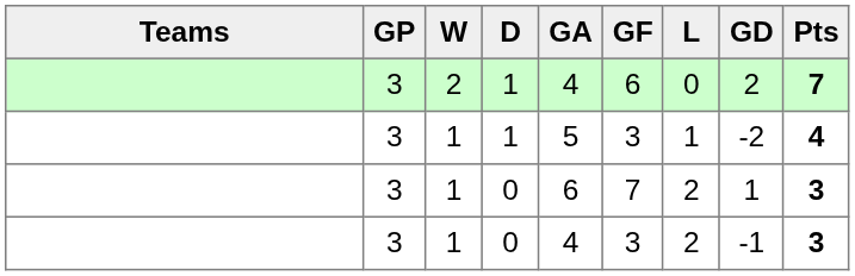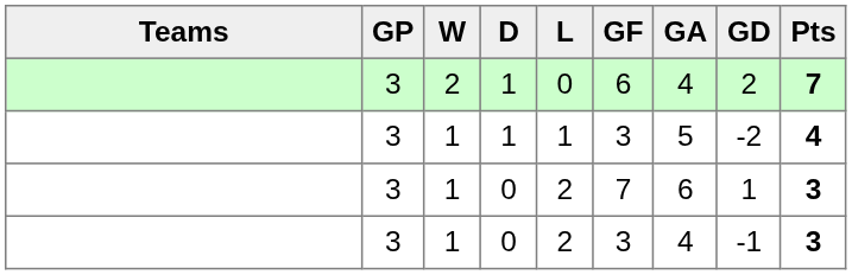 <table style=border-collapse:collapse border=1 cellspacing=0 cellpadding=5>
 <tr align=center bgcolor=#efefef>
 <th width=185>Teams</th>
 <th width=20>GP</th>
 <th width=20>W</th>
 <th width=20>D</th>
+<th width=20>L</th>
+<th width=20>GF</th>
 <th width=20>GA</th>
-<th width=20>GF</th>
-<th width=20>L</th>
 <th width=20>GD</th>
 <th width=20>Pts<br></th>
 </tr>
 <tr align=center style="background:#ccffcc;">
 <td style="text-align:left;"></td>
 <td>3</td>
 <td>2</td>
 <td>1</td>
+<td>0</td>
+<td>6</td>
 <td>4</td>
-<td>6</td>
-<td>0</td>
 <td>2</td>
 <td><strong>7</strong></td>
 </tr>
 <tr align=center>
 <td style="text-align:left;"></td>
 <td>3</td>
 <td>1</td>
 <td>1</td>
+<td>1</td>
+<td>3</td>
 <td>5</td>
-<td>3</td>
-<td>1</td>
 <td>-2</td>
 <td><strong>4</strong></td>
 </tr>
 <tr align=center>
 <td style="text-align:left;"></td>
 <td>3</td>
 <td>1</td>
 <td>0</td>
+<td>2</td>
+<td>7</td>
 <td>6</td>
-<td>7</td>
-<td>2</td>
 <td>1</td>
 <td><strong>3</strong></td>
 </tr>
 <tr align=center>
 <td style="text-align:left;"></td>
 <td>3</td>
 <td>1</td>
 <td>0</td>
+<td>2</td>
+<td>3</td>
 <td>4</td>
-<td>3</td>
-<td>2</td>
 <td>-1</td>
 <td><strong>3</strong></td>
 </tr>
 </table>
